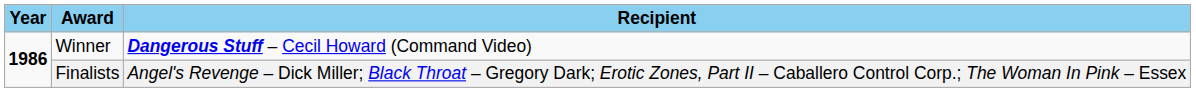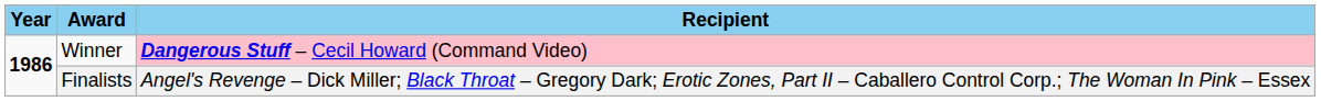 <table class="wikitable">
 <tr>
 <th style="background:#89CFF0">Year</th>
 <th style="background:#89CFF0">Award</th>
 <th style="background:#89CFF0">Recipient</th>
 </tr>
 <tr>
 <td rowspan=2><strong>1986</strong></td>
 <td>Winner</td>
-<td><strong><em><a href='#'>Dangerous Stuff</a></em></strong> – <a href='#'>Cecil Howard</a> (Command Video)</td>
+<td style="background: pink;"><strong><em><a href='#'>Dangerous Stuff</a></em></strong> – <a href='#'>Cecil Howard</a> (Command Video)</td>
 </tr>
 <tr>
 <td style="background:#F2F2F2">Finalists</td>
 <td style="background:#F2F2F2"><em>Angel's Revenge</em> – Dick Miller; <em><a href='#'>Black Throat</a></em> – Gregory Dark; <em>Erotic Zones, Part II</em> – Caballero Control Corp.; <em>The Woman In Pink</em> – Essex</td>
 </tr>
 </table>
